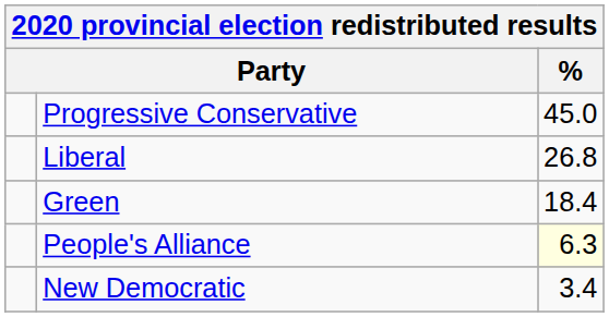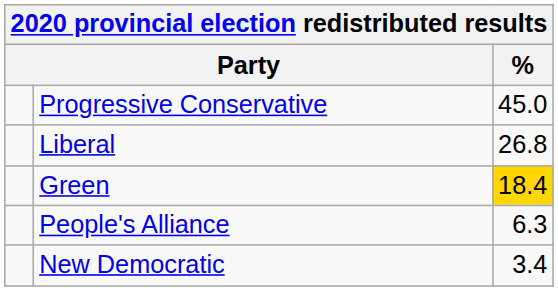 <table class="wikitable">
 <tr>
 <th colspan="4"><a href='#'>2020 provincial election</a> redistributed results</th>
 </tr>
 <tr>
 <th bgcolor="#DDDDFF" width="130px" colspan="2">Party</th>
 <th bgcolor="#DDDDFF" width="30px">%</th>
 </tr>
 <tr>
 <td> </td>
 <td><a href='#'>Progressive Conservative</a></td>
 <td align=right>45.0</td>
 </tr>
 <tr>
 <td> </td>
 <td><a href='#'>Liberal</a></td>
 <td align=right>26.8</td>
 </tr>
 <tr>
 <td> </td>
 <td><a href='#'>Green</a></td>
-<td align=right>18.4</td>
+<td align=right style="background: gold;">18.4</td>
 </tr>
 <tr>
 <td> </td>
 <td><a href='#'>People's Alliance</a></td>
-<td align=right style="background: lightyellow;">6.3</td>
+<td align=right>6.3</td>
 </tr>
 <tr>
 <td> </td>
 <td><a href='#'>New Democratic</a></td>
 <td align=right>3.4</td>
 </tr>
 </table>
